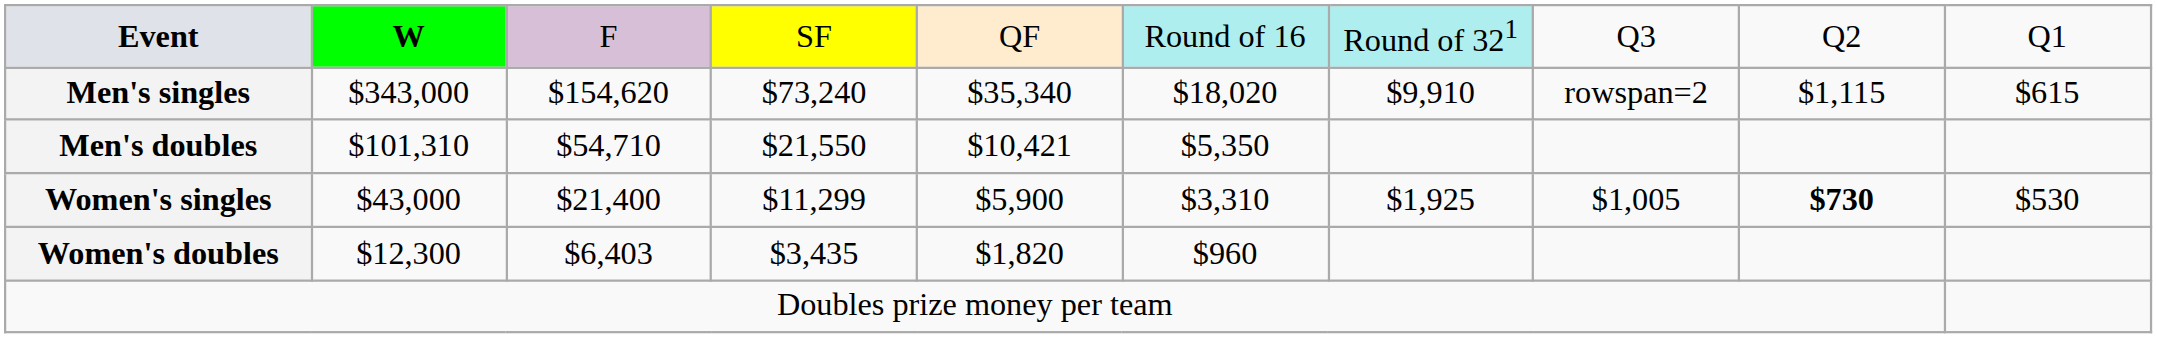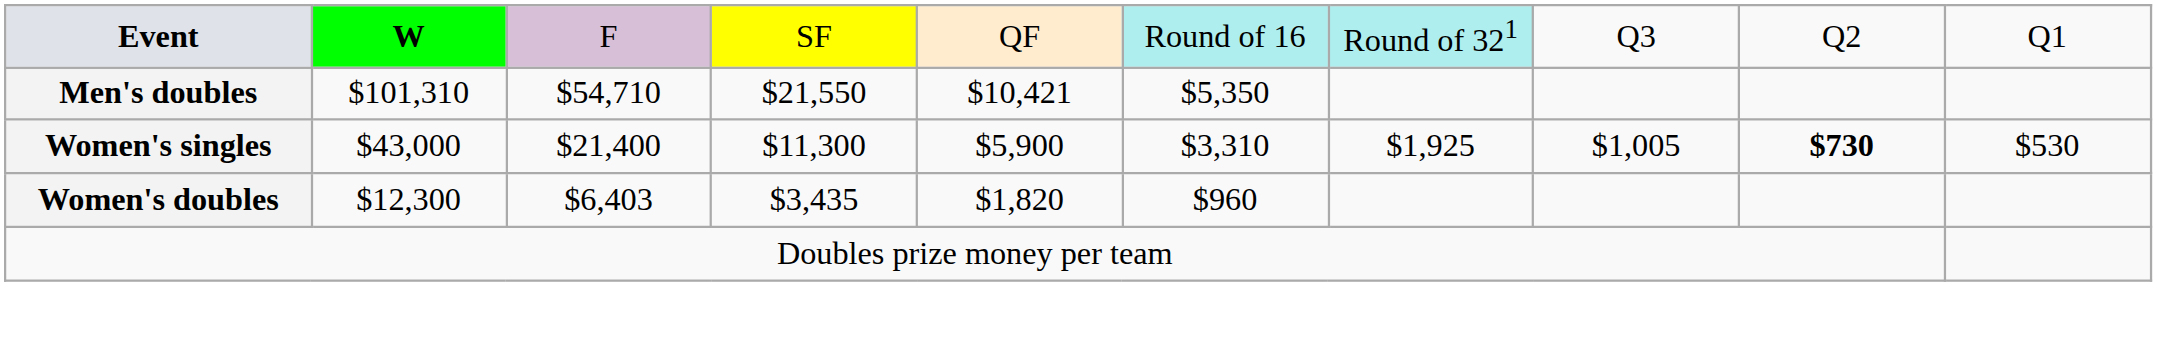 <table class=wikitable style=font-size:90%;text-align:center>
 <tr>
 <td style="width:130px; background:#dfe2e9;"><strong>Event</strong></td>
 <td style="width:80px; background:lime;"><strong>W</strong></td>
 <td style="width:85px; background:thistle;">F</td>
 <td style="width:85px; background:#ff0;">SF</td>
 <td style="width:85px; background:#ffebcd;">QF</td>
 <td style="width:85px; background:#afeeee;">Round of 16</td>
 <td style="width:85px; background:#afeeee;">Round of 32<sup>1</sup></td>
 <td width=85>Q3</td>
 <td width=85>Q2</td>
 <td width=85>Q1</td>
-</tr>
-<tr>
-<td style="background:#f3f3f3;"><strong>Men's singles</strong></td>
-<td>$343,000</td>
-<td>$154,620</td>
-<td>$73,240</td>
-<td>$35,340</td>
-<td>$18,020</td>
-<td>$9,910</td>
-<td>rowspan=2 </td>
-<td>$1,115</td>
-<td>$615</td>
 </tr>
 <tr>
 <td style="background:#f3f3f3;"><strong>Men's doubles</strong></td>
 <td>$101,310</td>
 <td>$54,710</td>
 <td>$21,550</td>
 <td>$10,421</td>
 <td>$5,350</td>
 <td></td>
 <td></td>
 <td></td>
 </tr>
 <tr>
 <td style="background:#f3f3f3;"><strong>Women's singles</strong></td>
 <td>$43,000</td>
 <td>$21,400</td>
-<td>$11,299</td>
+<td>$11,300</td>
 <td>$5,900</td>
 <td>$3,310</td>
 <td>$1,925</td>
 <td>$1,005</td>
 <td><strong>$730</strong></td>
 <td>$530</td>
 </tr>
 <tr>
 <td style="background:#f3f3f3;"><strong>Women's doubles</strong></td>
 <td>$12,300</td>
 <td>$6,403</td>
 <td>$3,435</td>
 <td>$1,820</td>
 <td>$960</td>
 <td></td>
 <td></td>
 <td></td>
 <td></td>
 </tr>
 <tr>
 <td colspan=9>Doubles prize money per team</td>
 </tr>
 </table>
